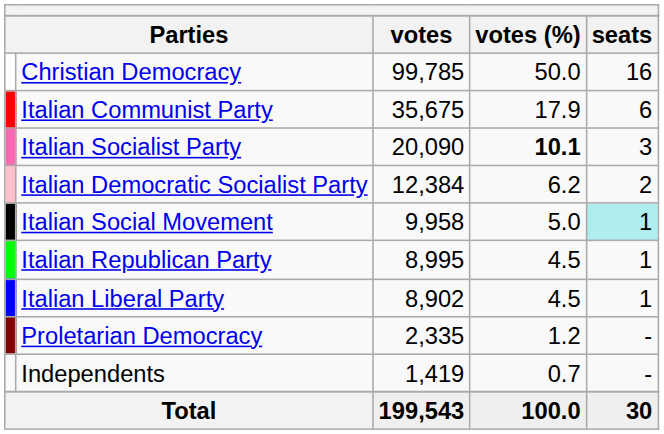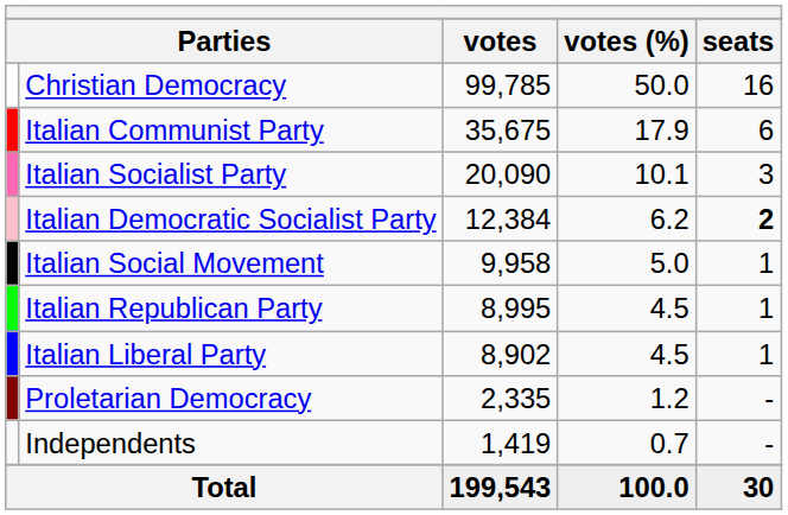 <table class="wikitable" style="font-size:95%">
 <tr>
 <th colspan=5></th>
 </tr>
 <tr>
 </tr>
 <tr bgcolor="EFEFEF">
 <th colspan=2>Parties</th>
 <th>votes</th>
 <th>votes (%)</th>
 <th>seats</th>
 </tr>
 <tr>
 <td bgcolor=White></td>
 <td><a href='#'>Christian Democracy</a></td>
 <td align=right>99,785</td>
 <td align=right>50.0</td>
 <td align=right>16</td>
 </tr>
 <tr>
 <td bgcolor=Red></td>
 <td><a href='#'>Italian Communist Party</a></td>
 <td align=right>35,675</td>
 <td align=right>17.9</td>
 <td align=right>6</td>
 </tr>
 <tr>
 <td bgcolor=Hotpink></td>
 <td><a href='#'>Italian Socialist Party</a></td>
 <td align=right>20,090</td>
-<td align=right><strong>10.1</strong></td>
+<td align=right>10.1</td>
 <td align=right>3</td>
 </tr>
 <tr>
 <td bgcolor=Pink></td>
 <td><a href='#'>Italian Democratic Socialist Party</a></td>
 <td align=right>12,384</td>
 <td align=right>6.2</td>
-<td align=right>2</td>
+<td align=right><strong>2</strong></td>
 </tr>
 <tr>
 <td bgcolor=Black></td>
 <td><a href='#'>Italian Social Movement</a></td>
 <td align=right>9,958</td>
 <td align=right>5.0</td>
-<td align=right style="background: paleturquoise;">1</td>
+<td align=right>1</td>
 </tr>
 <tr>
 <td bgcolor=Lime></td>
 <td><a href='#'>Italian Republican Party</a></td>
 <td align=right>8,995</td>
 <td align=right>4.5</td>
 <td align=right>1</td>
 </tr>
 <tr>
 <td bgcolor=Blue></td>
 <td><a href='#'>Italian Liberal Party</a></td>
 <td align=right>8,902</td>
 <td align=right>4.5</td>
 <td align=right>1</td>
 </tr>
 <tr>
 <td bgcolor=Maroon></td>
 <td><a href='#'>Proletarian Democracy</a></td>
 <td align=right>2,335</td>
 <td align=right>1.2</td>
 <td align=right>-</td>
 </tr>
 <tr>
 <td bgcolor=></td>
 <td>Independents</td>
 <td align=right>1,419</td>
 <td align=right>0.7</td>
 <td align=right>-</td>
 </tr>
 <tr>
 </tr>
 <tr bgcolor="EFEFEF">
 <th colspan=2><strong>Total</strong></th>
 <td align=right><strong>199,543</strong></td>
 <td align=right><strong>100.0</strong></td>
 <td align=right><strong>30</strong></td>
 </tr>
 </table>
